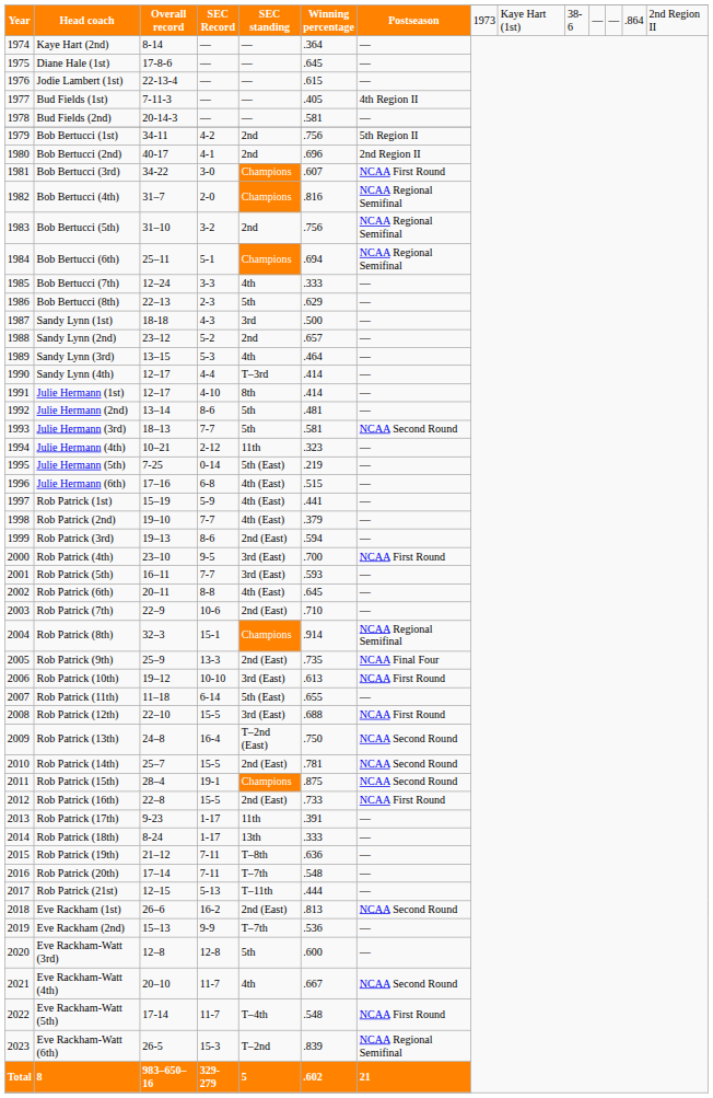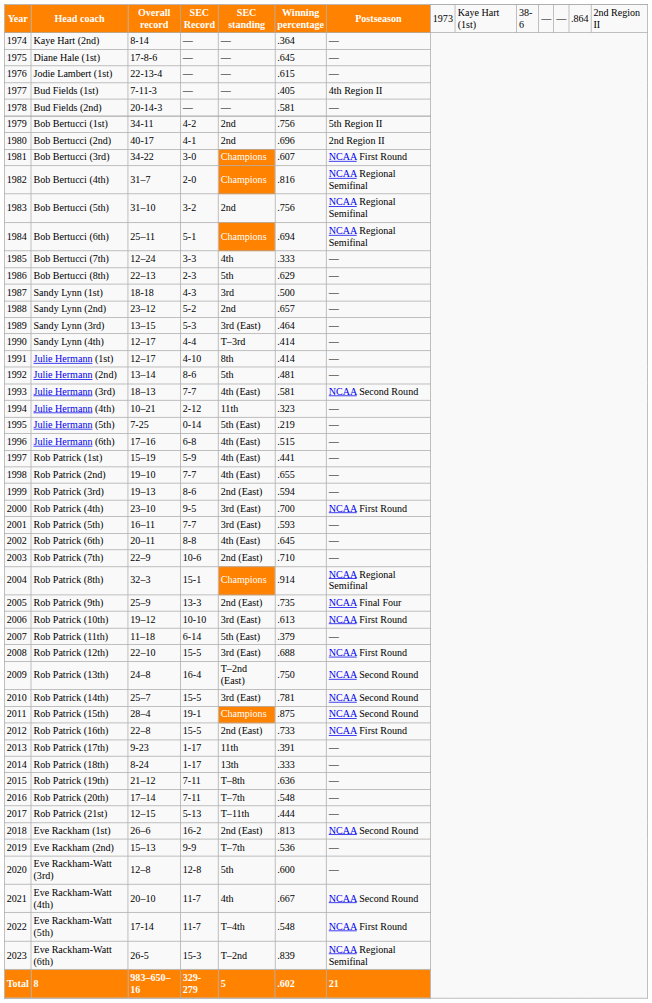 <table class="wikitable sortable" style="font-size:85%;">
 <tr>
 <th rowspan="2" style="background: #FF8200; color:white;">Year</th>
 <th rowspan="2" style="background: #FF8200; color:white;">Head coach</th>
 <th rowspan="2" style="background: #FF8200; color:white;">Overall <br> record</th>
 <th rowspan="2" style="background: #FF8200; color:white;">SEC<br>Record</th>
 <th rowspan="2" style="background: #FF8200; color:white;">SEC<br>standing</th>
 <th rowspan="2" style="background: #FF8200; color:white;">Winning <br> percentage</th>
 <th rowspan="2" style="background: #FF8200; color:white;">Postseason<br></th>
 </tr>
 <tr>
 <td>1973</td>
 <td>Kaye Hart (1st)</td>
 <td>38-6</td>
 <td>—</td>
 <td>—</td>
 <td>.864</td>
 <td>2nd Region II</td>
 </tr>
 <tr>
 <td>1974</td>
 <td>Kaye Hart (2nd)</td>
 <td>8-14</td>
 <td>—</td>
 <td>—</td>
 <td>.364</td>
 <td>—</td>
 </tr>
 <tr>
 <td>1975</td>
 <td>Diane Hale (1st)</td>
 <td>17-8-6</td>
 <td>—</td>
 <td>—</td>
 <td>.645</td>
 <td>—</td>
 </tr>
 <tr>
 <td>1976</td>
 <td>Jodie Lambert (1st)</td>
 <td>22-13-4</td>
 <td>—</td>
 <td>—</td>
 <td>.615</td>
 <td>—</td>
 </tr>
 <tr>
 <td>1977</td>
 <td>Bud Fields (1st)</td>
 <td>7-11-3</td>
 <td>—</td>
 <td>—</td>
 <td>.405</td>
 <td>4th Region II</td>
 </tr>
 <tr>
 <td>1978</td>
 <td>Bud Fields (2nd)</td>
 <td>20-14-3</td>
 <td>—</td>
 <td>—</td>
 <td>.581</td>
 <td>—</td>
 </tr>
 <tr>
 </tr>
 <tr>
 <td>1979</td>
 <td>Bob Bertucci (1st)</td>
 <td>34-11</td>
 <td>4-2</td>
 <td>2nd</td>
 <td>.756</td>
 <td>5th Region II</td>
 </tr>
 <tr>
 <td>1980</td>
 <td>Bob Bertucci (2nd)</td>
 <td>40-17</td>
 <td>4-1</td>
 <td>2nd</td>
 <td>.696</td>
 <td>2nd Region II</td>
 </tr>
 <tr>
 <td>1981</td>
 <td>Bob Bertucci (3rd)</td>
 <td>34-22</td>
 <td>3-0</td>
 <td colspan="1" style="background: #FF8200; color:white;">Champions</td>
 <td>.607</td>
 <td><a href='#'>NCAA</a> First Round</td>
 </tr>
 <tr>
 <td>1982</td>
 <td>Bob Bertucci (4th)</td>
 <td>31–7</td>
 <td>2-0</td>
 <td colspan="1" style="background: #FF8200; color:white;">Champions</td>
 <td>.816</td>
 <td><a href='#'>NCAA</a> Regional Semifinal</td>
 </tr>
 <tr>
 <td>1983</td>
 <td>Bob Bertucci (5th)</td>
 <td>31–10</td>
 <td>3-2</td>
 <td>2nd</td>
 <td>.756</td>
 <td><a href='#'>NCAA</a> Regional Semifinal</td>
 </tr>
 <tr>
 <td>1984</td>
 <td>Bob Bertucci (6th)</td>
 <td>25–11</td>
 <td>5-1</td>
 <td colspan="1" style="background: #FF8200; color:white;">Champions</td>
 <td>.694</td>
 <td><a href='#'>NCAA</a> Regional Semifinal</td>
 </tr>
 <tr>
 <td>1985</td>
 <td>Bob Bertucci (7th)</td>
 <td>12–24</td>
 <td>3-3</td>
 <td>4th</td>
 <td>.333</td>
 <td>—</td>
 </tr>
 <tr>
 <td>1986</td>
 <td>Bob Bertucci (8th)</td>
 <td>22–13</td>
 <td>2-3</td>
 <td>5th</td>
 <td>.629</td>
 <td>—</td>
 </tr>
 <tr>
 <td>1987</td>
 <td>Sandy Lynn (1st)</td>
 <td>18-18</td>
 <td>4-3</td>
 <td>3rd</td>
 <td>.500</td>
 <td>—</td>
 </tr>
 <tr>
 <td>1988</td>
 <td>Sandy Lynn (2nd)</td>
 <td>23–12</td>
 <td>5-2</td>
 <td>2nd</td>
 <td>.657</td>
 <td>—</td>
 </tr>
 <tr>
 <td>1989</td>
 <td>Sandy Lynn (3rd)</td>
 <td>13–15</td>
 <td>5-3</td>
-<td>4th</td>
+<td>3rd (East)</td>
 <td>.464</td>
 <td>—</td>
 </tr>
 <tr>
 <td>1990</td>
 <td>Sandy Lynn (4th)</td>
 <td>12–17</td>
 <td>4-4</td>
 <td>T–3rd</td>
 <td>.414</td>
 <td>—</td>
 </tr>
 <tr>
 <td>1991</td>
 <td><a href='#'>Julie Hermann</a> (1st)</td>
 <td>12–17</td>
 <td>4-10</td>
 <td>8th</td>
 <td>.414</td>
 <td>—</td>
 </tr>
 <tr>
 <td>1992</td>
 <td><a href='#'>Julie Hermann</a> (2nd)</td>
 <td>13–14</td>
 <td>8-6</td>
 <td>5th</td>
 <td>.481</td>
 <td>—</td>
 </tr>
 <tr>
 <td>1993</td>
 <td><a href='#'>Julie Hermann</a> (3rd)</td>
 <td>18–13</td>
 <td>7-7</td>
-<td>5th</td>
+<td>4th (East)</td>
 <td>.581</td>
 <td><a href='#'>NCAA</a> Second Round</td>
 </tr>
 <tr>
 <td>1994</td>
 <td><a href='#'>Julie Hermann</a> (4th)</td>
 <td>10–21</td>
 <td>2-12</td>
 <td>11th</td>
 <td>.323</td>
 <td>—</td>
 </tr>
 <tr>
 <td>1995</td>
 <td><a href='#'>Julie Hermann</a> (5th)</td>
 <td>7-25</td>
 <td>0-14</td>
 <td>5th (East)</td>
 <td>.219</td>
 <td>—</td>
 </tr>
 <tr>
 <td>1996</td>
 <td><a href='#'>Julie Hermann</a> (6th)</td>
 <td>17–16</td>
 <td>6-8</td>
 <td>4th (East)</td>
 <td>.515</td>
 <td>—</td>
 </tr>
 <tr>
 <td>1997</td>
 <td>Rob Patrick (1st)</td>
 <td>15–19</td>
 <td>5-9</td>
 <td>4th (East)</td>
 <td>.441</td>
 <td>—</td>
 </tr>
 <tr>
 <td>1998</td>
 <td>Rob Patrick (2nd)</td>
 <td>19–10</td>
 <td>7-7</td>
 <td>4th (East)</td>
-<td>.379</td>
+<td>.655</td>
 <td>—</td>
 </tr>
 <tr>
 <td>1999</td>
 <td>Rob Patrick (3rd)</td>
 <td>19–13</td>
 <td>8-6</td>
 <td>2nd (East)</td>
 <td>.594</td>
 <td>—</td>
 </tr>
 <tr>
 <td>2000</td>
 <td>Rob Patrick (4th)</td>
 <td>23–10</td>
 <td>9-5</td>
 <td>3rd (East)</td>
 <td>.700</td>
 <td><a href='#'>NCAA</a> First Round</td>
 </tr>
 <tr>
 <td>2001</td>
 <td>Rob Patrick (5th)</td>
 <td>16–11</td>
 <td>7-7</td>
 <td>3rd (East)</td>
 <td>.593</td>
 <td>—</td>
 </tr>
 <tr>
 <td>2002</td>
 <td>Rob Patrick (6th)</td>
 <td>20–11</td>
 <td>8-8</td>
 <td>4th (East)</td>
 <td>.645</td>
 <td>—</td>
 </tr>
 <tr>
 <td>2003</td>
 <td>Rob Patrick (7th)</td>
 <td>22–9</td>
 <td>10-6</td>
 <td>2nd (East)</td>
 <td>.710</td>
 <td>—</td>
 </tr>
 <tr>
 <td>2004</td>
 <td>Rob Patrick (8th)</td>
 <td>32–3</td>
 <td>15-1</td>
 <td colspan="1" style="background: #FF8200; color:white;">Champions</td>
 <td>.914</td>
 <td><a href='#'>NCAA</a> Regional Semifinal</td>
 </tr>
 <tr>
 <td>2005</td>
 <td>Rob Patrick (9th)</td>
 <td>25–9</td>
 <td>13-3</td>
 <td>2nd (East)</td>
 <td>.735</td>
 <td><a href='#'>NCAA</a> Final Four</td>
 </tr>
 <tr>
 <td>2006</td>
 <td>Rob Patrick (10th)</td>
 <td>19–12</td>
 <td>10-10</td>
 <td>3rd (East)</td>
 <td>.613</td>
 <td><a href='#'>NCAA</a> First Round</td>
 </tr>
 <tr>
 <td>2007</td>
 <td>Rob Patrick (11th)</td>
 <td>11–18</td>
 <td>6-14</td>
 <td>5th (East)</td>
-<td>.655</td>
+<td>.379</td>
 <td>—</td>
 </tr>
 <tr>
 <td>2008</td>
 <td>Rob Patrick (12th)</td>
 <td>22–10</td>
 <td>15-5</td>
 <td>3rd (East)</td>
 <td>.688</td>
 <td><a href='#'>NCAA</a> First Round</td>
 </tr>
 <tr>
 <td>2009</td>
 <td>Rob Patrick (13th)</td>
 <td>24–8</td>
 <td>16-4</td>
 <td>T–2nd (East)</td>
 <td>.750</td>
 <td><a href='#'>NCAA</a> Second Round</td>
 </tr>
 <tr>
 <td>2010</td>
 <td>Rob Patrick (14th)</td>
 <td>25–7</td>
 <td>15-5</td>
-<td>2nd (East)</td>
+<td>3rd (East)</td>
 <td>.781</td>
 <td><a href='#'>NCAA</a> Second Round</td>
 </tr>
 <tr>
 <td>2011</td>
 <td>Rob Patrick (15th)</td>
 <td>28–4</td>
 <td>19-1</td>
 <td colspan="1" style="background: #FF8200; color:white;">Champions</td>
 <td>.875</td>
 <td><a href='#'>NCAA</a> Second Round</td>
 </tr>
 <tr>
 <td>2012</td>
 <td>Rob Patrick (16th)</td>
 <td>22–8</td>
 <td>15-5</td>
 <td>2nd (East)</td>
 <td>.733</td>
 <td><a href='#'>NCAA</a> First Round</td>
 </tr>
 <tr>
 <td>2013</td>
 <td>Rob Patrick (17th)</td>
 <td>9-23</td>
 <td>1-17</td>
 <td>11th</td>
 <td>.391</td>
 <td>—</td>
 </tr>
 <tr>
 <td>2014</td>
 <td>Rob Patrick (18th)</td>
 <td>8-24</td>
 <td>1-17</td>
 <td>13th</td>
 <td>.333</td>
 <td>—</td>
 </tr>
 <tr>
 <td>2015</td>
 <td>Rob Patrick (19th)</td>
 <td>21–12</td>
 <td>7-11</td>
 <td>T–8th</td>
 <td>.636</td>
 <td>—</td>
 </tr>
 <tr>
 <td>2016</td>
 <td>Rob Patrick (20th)</td>
 <td>17–14</td>
 <td>7-11</td>
 <td>T–7th</td>
 <td>.548</td>
 <td>—</td>
 </tr>
 <tr>
 <td>2017</td>
 <td>Rob Patrick (21st)</td>
 <td>12–15</td>
 <td>5-13</td>
 <td>T–11th</td>
 <td>.444</td>
 <td>—</td>
 </tr>
 <tr>
 <td>2018</td>
 <td>Eve Rackham (1st)</td>
 <td>26–6</td>
 <td>16-2</td>
 <td>2nd (East)</td>
 <td>.813</td>
 <td><a href='#'>NCAA</a> Second Round</td>
 </tr>
 <tr>
 <td>2019</td>
 <td>Eve Rackham (2nd)</td>
 <td>15–13</td>
 <td>9-9</td>
 <td>T–7th</td>
 <td>.536</td>
 <td>—</td>
 </tr>
 <tr>
 <td>2020</td>
 <td>Eve Rackham-Watt (3rd)</td>
 <td>12–8</td>
 <td>12-8</td>
 <td>5th</td>
 <td>.600</td>
 <td>—</td>
 </tr>
 <tr>
 <td>2021</td>
 <td>Eve Rackham-Watt (4th)</td>
 <td>20–10</td>
 <td>11-7</td>
 <td>4th</td>
 <td>.667</td>
 <td><a href='#'>NCAA</a> Second Round</td>
 </tr>
 <tr>
 <td>2022</td>
 <td>Eve Rackham-Watt (5th)</td>
 <td>17-14</td>
 <td>11-7</td>
 <td>T–4th</td>
 <td>.548</td>
 <td><a href='#'>NCAA</a> First Round</td>
 </tr>
 <tr>
 <td>2023</td>
 <td>Eve Rackham-Watt (6th)</td>
 <td>26-5</td>
 <td>15-3</td>
 <td>T–2nd</td>
 <td>.839</td>
 <td><a href='#'>NCAA</a> Regional Semifinal</td>
 </tr>
 <tr style="background: #FF8200; color:white;">
 <td><strong>Total</strong></td>
 <td><strong>8</strong></td>
 <td><strong>983–650–16</strong></td>
 <td><strong>329-279</strong></td>
 <td><strong>5</strong></td>
 <td><strong>.602</strong></td>
 <td><strong>21</strong></td>
 </tr>
 <tr>
 </tr>
 </table>
